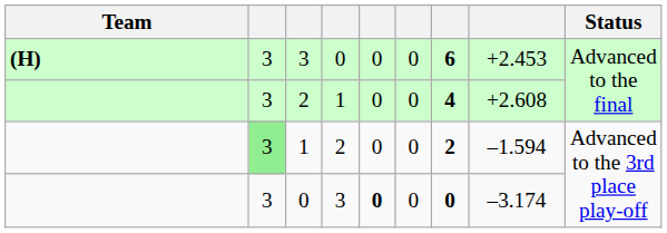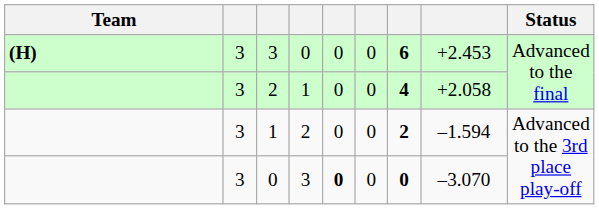 <table class="wikitable" style="text-align:center">
 <tr>
 <th style="width:175px;">Team</th>
 <th style="width:20px;"></th>
 <th style="width:20px;"></th>
 <th style="width:20px;"></th>
 <th style="width:20px;"></th>
 <th style="width:20px;"></th>
 <th style="width:20px;"></th>
 <th style="width:65px;"></th>
 <th style="width:65px;">Status</th>
 </tr>
 <tr style="background:#cfc;">
 <td style="text-align:left"> <strong>(H)</strong></td>
 <td>3</td>
 <td>3</td>
 <td>0</td>
 <td>0</td>
 <td>0</td>
 <td><strong>6</strong></td>
 <td>+2.453</td>
 <td rowspan="2">Advanced to the <a href='#'>final</a></td>
 </tr>
 <tr style="background:#cfc;">
 <td style="text-align:left"></td>
 <td>3</td>
 <td>2</td>
 <td>1</td>
 <td>0</td>
 <td>0</td>
 <td><strong>4</strong></td>
-<td>+2.608</td>
+<td>+2.058</td>
 </tr>
 <tr>
 <td style="text-align:left"></td>
-<td style="background: lightgreen;">3</td>
+<td>3</td>
 <td>1</td>
 <td>2</td>
 <td>0</td>
 <td>0</td>
 <td><strong>2</strong></td>
 <td>–1.594</td>
 <td rowspan="2">Advanced to the <a href='#'>3rd place play-off</a></td>
 </tr>
 <tr>
 <td style="text-align:left"></td>
 <td>3</td>
 <td>0</td>
 <td>3</td>
 <td><strong>0</strong></td>
 <td>0</td>
 <td><strong>0</strong></td>
-<td>–3.174</td>
+<td>–3.070</td>
 </tr>
 </table>
